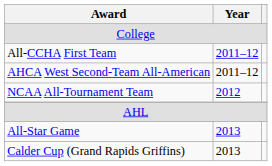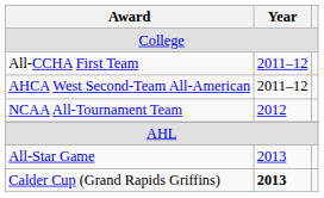 <table class="wikitable">
 <tr>
 <th>Award</th>
 <th>Year</th>
 <th></th>
 </tr>
 <tr ALIGN="center" bgcolor="#e0e0e0">
 <td colspan="3"><a href='#'>College</a></td>
 </tr>
 <tr>
 <td>All-<a href='#'>CCHA</a> <a href='#'>First Team</a></td>
 <td><a href='#'>2011–12</a></td>
 <td></td>
 </tr>
 <tr>
 <td><a href='#'>AHCA</a> <a href='#'>West Second-Team All-American</a></td>
 <td>2011–12</td>
 <td></td>
 </tr>
 <tr>
 <td><a href='#'>NCAA</a> <a href='#'>All-Tournament Team</a></td>
 <td><a href='#'>2012</a></td>
 <td></td>
 </tr>
 <tr>
 </tr>
 <tr ALIGN="center" bgcolor="#e0e0e0">
 <td colspan="3"><a href='#'>AHL</a></td>
 </tr>
 <tr>
 <td><a href='#'>All-Star Game</a></td>
 <td><a href='#'>2013</a></td>
 <td></td>
 </tr>
 <tr>
 <td><a href='#'>Calder Cup</a> (Grand Rapids Griffins)</td>
-<td>2013</td>
+<td><strong>2013</strong></td>
 <td></td>
 </tr>
 </table>
